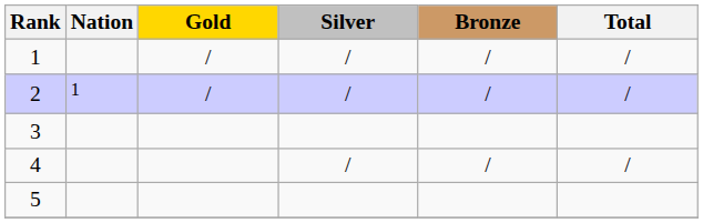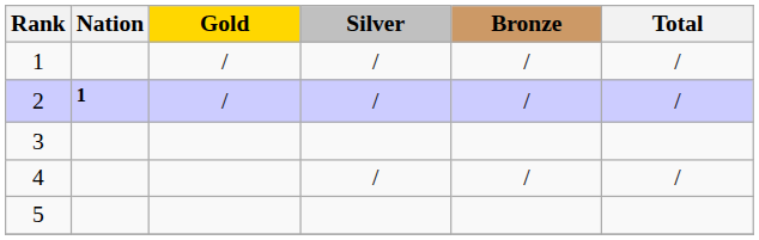 <table class="wikitable sortable plainrowheaders" style="text-align: center">
 <tr>
 <th scope="col">Rank</th>
 <th scope="col">Nation</th>
 <th scope="col" style="background-color:gold; width:6em;">Gold</th>
 <th scope="col" style="background-color:silver; width:6em;">Silver</th>
 <th scope="col" style="background-color:#cc9966; width:6em;">Bronze</th>
 <th scope="col" style="width:6em;">Total</th>
 </tr>
 <tr>
 <td>1</td>
 <td align=left> </td>
 <td>/</td>
 <td>/</td>
 <td>/</td>
 <td>/</td>
 </tr>
 <tr style="background-color:#ccccff">
 <td>2</td>
-<td align=left> <sup>1</sup> </td>
+<td align=left><strong> <sup>1</sup> </strong></td>
 <td>/</td>
 <td>/</td>
 <td>/</td>
 <td>/</td>
 </tr>
 <tr>
 <td>3</td>
 <td align=left></td>
 <td></td>
 <td></td>
 <td></td>
 <td></td>
 </tr>
 <tr>
 <td>4</td>
 <td align=left> </td>
 <td></td>
 <td>/</td>
 <td>/</td>
 <td>/</td>
 </tr>
 <tr>
 <td>5</td>
 <td align=left></td>
 <td></td>
 <td></td>
 <td></td>
 <td></td>
 </tr>
 <tr>
 </tr>
 </table>
